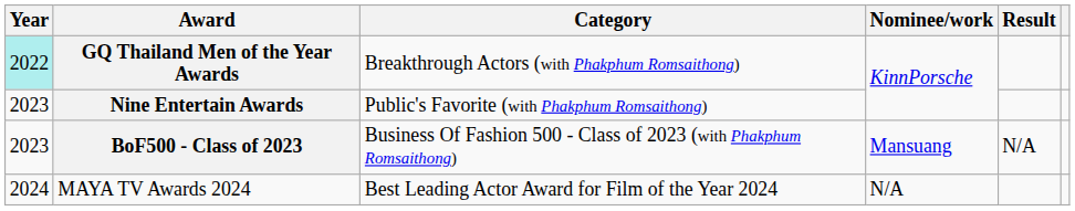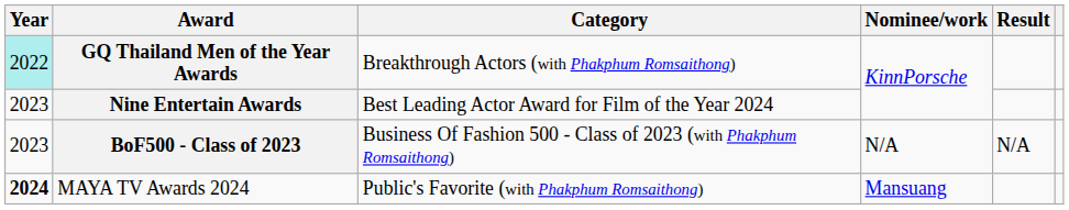 <table class="wikitable sortable plainrowheaders">
 <tr>
 <th scope="col">Year</th>
 <th scope="col">Award</th>
 <th scope="col">Category</th>
 <th scope="col">Nominee/work</th>
 <th scope="col">Result</th>
 <th scope="col" class="unsortable"></th>
 </tr>
 <tr>
 <td style="background: paleturquoise; text-align:center;">2022</td>
 <th scope="row">GQ Thailand Men of the Year Awards</th>
 <td>Breakthrough Actors (<small>with <em><a href='#'>Phakphum Romsaithong</a></em>)</small></td>
 <td rowspan="2"><em><a href='#'>KinnPorsche</a></em></td>
 <td></td>
 <td style="text-align:center;"></td>
 </tr>
 <tr>
 <td style="text-align:center;">2023</td>
 <th scope="row">Nine Entertain Awards</th>
-<td>Public's Favorite (<small>with <em><a href='#'>Phakphum Romsaithong</a></em>)</small></td>
+<td>Best Leading Actor Award for Film of the Year 2024</td>
 <td></td>
 <td style="text-align:center;"></td>
 </tr>
 <tr>
 <td>2023</td>
 <th scope="row">BoF500 - Class of 2023</th>
 <td>Business Of Fashion 500 - Class of 2023 (<small>with <em><a href='#'>Phakphum Romsaithong</a></em>)</small></td>
-<td><a href='#'>Mansuang</a></td>
+<td>N/A</td>
 <td>N/A</td>
 <td></td>
 </tr>
 <tr>
-<td>2024</td>
+<td><strong>2024</strong></td>
 <td>MAYA TV Awards 2024</td>
-<td>Best Leading Actor Award for Film of the Year 2024</td>
-<td>N/A</td>
+<td>Public's Favorite (<small>with <em><a href='#'>Phakphum Romsaithong</a></em>)</small></td>
+<td><a href='#'>Mansuang</a></td>
 <td></td>
 <td></td>
 </tr>
 </table>
